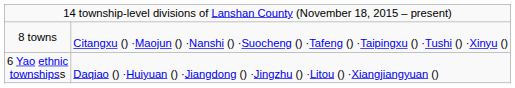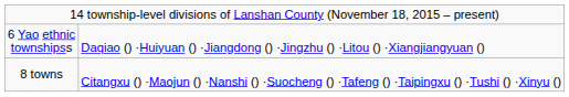 <table class="wikitable">
 <tr>
 <td style="text-align:center;" colspan="2">14 township-level divisions of <a href='#'>Lanshan County</a> (November 18, 2015 – present)</td>
 </tr>
 <tr align=left>
+<td align=center>6 <a href='#'>Yao</a> <a href='#'>ethnic <br>townships</a>s</td>
+<td><br><a href='#'>Daqiao</a> () ·<a href='#'>Huiyuan</a> () ·<a href='#'>Jiangdong</a> () ·<a href='#'>Jingzhu</a> () ·<a href='#'>Litou</a> () ·<a href='#'>Xiangjiangyuan</a> ()</td>
+</tr>
+<tr align=left>
 <td align=center>8 towns</td>
 <td><br><a href='#'>Citangxu</a> () ·<a href='#'>Maojun</a> () ·<a href='#'>Nanshi</a> () ·<a href='#'>Suocheng</a> () ·<a href='#'>Tafeng</a> () ·<a href='#'>Taipingxu</a> () ·<a href='#'>Tushi</a> () ·<a href='#'>Xinyu</a> ()</td>
 </tr>
-<tr align=left>
-<td align=center>6 <a href='#'>Yao</a> <a href='#'>ethnic <br>townships</a>s</td>
-<td><br><a href='#'>Daqiao</a> () ·<a href='#'>Huiyuan</a> () ·<a href='#'>Jiangdong</a> () ·<a href='#'>Jingzhu</a> () ·<a href='#'>Litou</a> () ·<a href='#'>Xiangjiangyuan</a> ()</td>
-</tr>
 </table>
